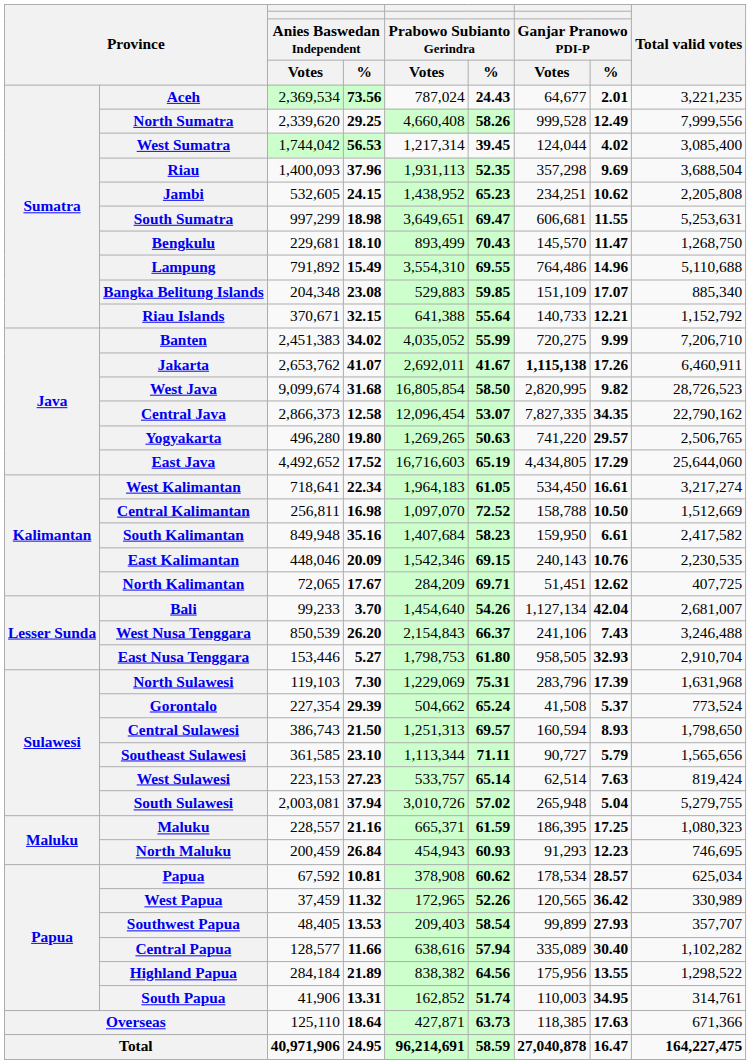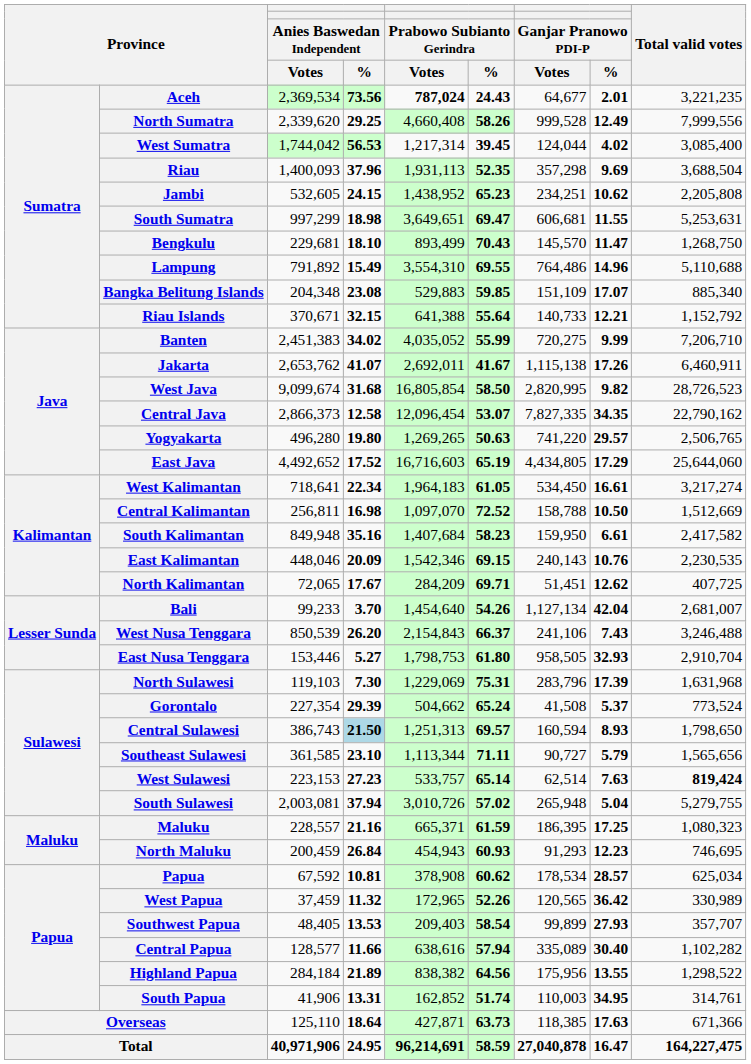 <table class="wikitable sortable">
 <tr>
 <th colspan="2" rowspan="4">Province</th>
 <th colspan="2"></th>
 <th colspan="2"></th>
 <th colspan="2"></th>
 <th rowspan="4">Total valid votes</th>
 </tr>
 <tr>
 <th colspan="2" style="background:"></th>
 <th colspan="2" style="background:"></th>
 <th colspan="2" style="background:"></th>
 </tr>
 <tr>
 <th colspan="2">Anies Baswedan<br><small>Independent</small></th>
 <th colspan="2">Prabowo Subianto<br><small>Gerindra</small></th>
 <th colspan="2">Ganjar Pranowo<br><small>PDI-P</small></th>
 </tr>
 <tr>
 <th>Votes</th>
 <th>%</th>
 <th>Votes</th>
 <th>%</th>
 <th>Votes</th>
 <th>%</th>
 </tr>
 <tr align="right">
 <th rowspan="10"><a href='#'>Sumatra</a></th>
 <th><a href='#'>Aceh</a></th>
 <td style="background:#cfc">2,369,534</td>
 <td style="background:#cfc"><strong>73.56</strong></td>
-<td>787,024</td>
+<td><strong>787,024</strong></td>
 <td><strong>24.43</strong></td>
 <td>64,677</td>
 <td><strong>2.01</strong></td>
 <td>3,221,235</td>
 </tr>
 <tr align="right">
 <th><a href='#'>North Sumatra</a></th>
 <td>2,339,620</td>
 <td><strong>29.25</strong></td>
 <td style="background:#cfc">4,660,408</td>
 <td style="background:#cfc"><strong>58.26</strong></td>
 <td>999,528</td>
 <td><strong>12.49</strong></td>
 <td>7,999,556</td>
 </tr>
 <tr align="right">
 <th><a href='#'>West Sumatra</a></th>
 <td style="background:#cfc">1,744,042</td>
 <td style="background:#cfc"><strong>56.53</strong></td>
 <td>1,217,314</td>
 <td><strong>39.45</strong></td>
 <td>124,044</td>
 <td><strong>4.02</strong></td>
 <td>3,085,400</td>
 </tr>
 <tr align="right">
 <th><a href='#'>Riau</a></th>
 <td>1,400,093</td>
 <td><strong>37.96</strong></td>
 <td style="background:#cfc">1,931,113</td>
 <td style="background:#cfc"><strong>52.35</strong></td>
 <td>357,298</td>
 <td><strong>9.69</strong></td>
 <td>3,688,504</td>
 </tr>
 <tr align="right">
 <th><a href='#'>Jambi</a></th>
 <td>532,605</td>
 <td><strong>24.15</strong></td>
 <td style="background:#cfc">1,438,952</td>
 <td style="background:#cfc"><strong>65.23</strong></td>
 <td>234,251</td>
 <td><strong>10.62</strong></td>
 <td>2,205,808</td>
 </tr>
 <tr align="right">
 <th><a href='#'>South Sumatra</a></th>
 <td>997,299</td>
 <td><strong>18.98</strong></td>
 <td style="background:#cfc">3,649,651</td>
 <td style="background:#cfc"><strong>69.47</strong></td>
 <td>606,681</td>
 <td><strong>11.55</strong></td>
 <td>5,253,631</td>
 </tr>
 <tr align="right">
 <th><a href='#'>Bengkulu</a></th>
 <td>229,681</td>
 <td><strong>18.10</strong></td>
 <td style="background:#cfc">893,499</td>
 <td style="background:#cfc"><strong>70.43</strong></td>
 <td>145,570</td>
 <td><strong>11.47</strong></td>
 <td>1,268,750</td>
 </tr>
 <tr align="right">
 <th><a href='#'>Lampung</a></th>
 <td>791,892</td>
 <td><strong>15.49</strong></td>
 <td style="background:#cfc">3,554,310</td>
 <td style="background:#cfc"><strong>69.55</strong></td>
 <td>764,486</td>
 <td><strong>14.96</strong></td>
 <td>5,110,688</td>
 </tr>
 <tr align="right">
 <th><a href='#'>Bangka Belitung Islands</a></th>
 <td>204,348</td>
 <td><strong>23.08</strong></td>
 <td style="background:#cfc">529,883</td>
 <td style="background:#cfc"><strong>59.85</strong></td>
 <td>151,109</td>
 <td><strong>17.07</strong></td>
 <td>885,340</td>
 </tr>
 <tr align="right">
 <th><a href='#'>Riau Islands</a></th>
 <td>370,671</td>
 <td><strong>32.15</strong></td>
 <td style="background:#cfc">641,388</td>
 <td style="background:#cfc"><strong>55.64</strong></td>
 <td>140,733</td>
 <td><strong>12.21</strong></td>
 <td>1,152,792</td>
 </tr>
 <tr align="right">
 <th rowspan="6"><a href='#'>Java</a></th>
 <th><a href='#'>Banten</a></th>
 <td>2,451,383</td>
 <td><strong>34.02</strong></td>
 <td style="background:#cfc">4,035,052</td>
 <td style="background:#cfc"><strong>55.99</strong></td>
 <td>720,275</td>
 <td><strong>9.99</strong></td>
 <td>7,206,710</td>
 </tr>
 <tr align="right">
 <th><a href='#'>Jakarta</a></th>
 <td>2,653,762</td>
 <td><strong>41.07</strong></td>
 <td style="background:#cfc">2,692,011</td>
 <td style="background:#cfc"><strong>41.67</strong></td>
-<td><strong>1,115,138</strong></td>
+<td>1,115,138</td>
 <td><strong>17.26</strong></td>
 <td>6,460,911</td>
 </tr>
 <tr align="right">
 <th><a href='#'>West Java</a></th>
 <td>9,099,674</td>
 <td><strong>31.68</strong></td>
 <td style="background:#cfc">16,805,854</td>
 <td style="background:#cfc"><strong>58.50</strong></td>
 <td>2,820,995</td>
 <td><strong>9.82</strong></td>
 <td>28,726,523</td>
 </tr>
 <tr align="right">
 <th><a href='#'>Central Java</a></th>
 <td>2,866,373</td>
 <td><strong>12.58</strong></td>
 <td style="background:#cfc">12,096,454</td>
 <td style="background:#cfc"><strong>53.07</strong></td>
 <td>7,827,335</td>
 <td><strong>34.35</strong></td>
 <td>22,790,162</td>
 </tr>
 <tr align="right">
 <th><a href='#'>Yogyakarta</a></th>
 <td>496,280</td>
 <td><strong>19.80</strong></td>
 <td style="background:#cfc">1,269,265</td>
 <td style="background:#cfc"><strong>50.63</strong></td>
 <td>741,220</td>
 <td><strong>29.57</strong></td>
 <td>2,506,765</td>
 </tr>
 <tr align="right">
 <th><a href='#'>East Java</a></th>
 <td>4,492,652</td>
 <td><strong>17.52</strong></td>
 <td style="background:#cfc">16,716,603</td>
 <td style="background:#cfc"><strong>65.19</strong></td>
 <td>4,434,805</td>
 <td><strong>17.29</strong></td>
 <td>25,644,060</td>
 </tr>
 <tr align="right">
 <th rowspan="5"><a href='#'>Kalimantan</a></th>
 <th><a href='#'>West Kalimantan</a></th>
 <td>718,641</td>
 <td><strong>22.34</strong></td>
 <td style="background:#cfc">1,964,183</td>
 <td style="background:#cfc"><strong>61.05</strong></td>
 <td>534,450</td>
 <td><strong>16.61</strong></td>
 <td>3,217,274</td>
 </tr>
 <tr align="right">
 <th><a href='#'>Central Kalimantan</a></th>
 <td>256,811</td>
 <td><strong>16.98</strong></td>
 <td style="background:#cfc">1,097,070</td>
 <td style="background:#cfc"><strong>72.52</strong></td>
 <td>158,788</td>
 <td><strong>10.50</strong></td>
 <td>1,512,669</td>
 </tr>
 <tr align="right">
 <th><a href='#'>South Kalimantan</a></th>
 <td>849,948</td>
 <td><strong>35.16</strong></td>
 <td style="background:#cfc">1,407,684</td>
 <td style="background:#cfc"><strong>58.23</strong></td>
 <td>159,950</td>
 <td><strong>6.61</strong></td>
 <td>2,417,582</td>
 </tr>
 <tr align="right">
 <th><a href='#'>East Kalimantan</a></th>
 <td>448,046</td>
 <td><strong>20.09</strong></td>
 <td style="background:#cfc">1,542,346</td>
 <td style="background:#cfc"><strong>69.15</strong></td>
 <td>240,143</td>
 <td><strong>10.76</strong></td>
 <td>2,230,535</td>
 </tr>
 <tr align="right">
 <th><a href='#'>North Kalimantan</a></th>
 <td>72,065</td>
 <td><strong>17.67</strong></td>
 <td style="background:#cfc">284,209</td>
 <td style="background:#cfc"><strong>69.71</strong></td>
 <td>51,451</td>
 <td><strong>12.62</strong></td>
 <td>407,725</td>
 </tr>
 <tr align="right">
 <th rowspan="3"><a href='#'>Lesser Sunda</a></th>
 <th><a href='#'>Bali</a></th>
 <td>99,233</td>
 <td><strong>3.70</strong></td>
 <td style="background:#cfc">1,454,640</td>
 <td style="background:#cfc"><strong>54.26</strong></td>
 <td>1,127,134</td>
 <td><strong>42.04</strong></td>
 <td>2,681,007</td>
 </tr>
 <tr align="right">
 <th><a href='#'>West Nusa Tenggara</a></th>
 <td>850,539</td>
 <td><strong>26.20</strong></td>
 <td style="background:#cfc">2,154,843</td>
 <td style="background:#cfc"><strong>66.37</strong></td>
 <td>241,106</td>
 <td><strong>7.43</strong></td>
 <td>3,246,488</td>
 </tr>
 <tr align="right">
 <th><a href='#'>East Nusa Tenggara</a></th>
 <td>153,446</td>
 <td><strong>5.27</strong></td>
 <td style="background:#cfc">1,798,753</td>
 <td style="background:#cfc"><strong>61.80</strong></td>
 <td>958,505</td>
 <td><strong>32.93</strong></td>
 <td>2,910,704</td>
 </tr>
 <tr align="right">
 <th rowspan="6"><a href='#'>Sulawesi</a></th>
 <th><a href='#'>North Sulawesi</a></th>
 <td>119,103</td>
 <td><strong>7.30</strong></td>
 <td style="background:#cfc">1,229,069</td>
 <td style="background:#cfc"><strong>75.31</strong></td>
 <td>283,796</td>
 <td><strong>17.39</strong></td>
 <td>1,631,968</td>
 </tr>
 <tr align="right">
 <th><a href='#'>Gorontalo</a></th>
 <td>227,354</td>
 <td><strong>29.39</strong></td>
 <td style="background:#cfc">504,662</td>
 <td style="background:#cfc"><strong>65.24</strong></td>
 <td>41,508</td>
 <td><strong>5.37</strong></td>
 <td>773,524</td>
 </tr>
 <tr align="right">
 <th><a href='#'>Central Sulawesi</a></th>
 <td>386,743</td>
-<td><strong>21.50</strong></td>
+<td style="background: lightblue;"><strong>21.50</strong></td>
 <td style="background:#cfc">1,251,313</td>
 <td style="background:#cfc"><strong>69.57</strong></td>
 <td>160,594</td>
 <td><strong>8.93</strong></td>
 <td>1,798,650</td>
 </tr>
 <tr align="right">
 <th><a href='#'>Southeast Sulawesi</a></th>
 <td>361,585</td>
 <td><strong>23.10</strong></td>
 <td style="background:#cfc">1,113,344</td>
 <td style="background:#cfc"><strong>71.11</strong></td>
 <td>90,727</td>
 <td><strong>5.79</strong></td>
 <td>1,565,656</td>
 </tr>
 <tr align="right">
 <th><a href='#'>West Sulawesi</a></th>
 <td>223,153</td>
 <td><strong>27.23</strong></td>
 <td style="background:#cfc">533,757</td>
 <td style="background:#cfc"><strong>65.14</strong></td>
 <td>62,514</td>
 <td><strong>7.63</strong></td>
-<td>819,424</td>
+<td><strong>819,424</strong></td>
 </tr>
 <tr align="right">
 <th><a href='#'>South Sulawesi</a></th>
 <td>2,003,081</td>
 <td><strong>37.94</strong></td>
 <td style="background:#cfc">3,010,726</td>
 <td style="background:#cfc"><strong>57.02</strong></td>
 <td>265,948</td>
 <td><strong>5.04</strong></td>
 <td>5,279,755</td>
 </tr>
 <tr align="right">
 <th rowspan="2"><a href='#'>Maluku</a></th>
 <th><a href='#'>Maluku</a></th>
 <td>228,557</td>
 <td><strong>21.16</strong></td>
 <td style="background:#cfc">665,371</td>
 <td style="background:#cfc"><strong>61.59</strong></td>
 <td>186,395</td>
 <td><strong>17.25</strong></td>
 <td>1,080,323</td>
 </tr>
 <tr align="right">
 <th><a href='#'>North Maluku</a></th>
 <td>200,459</td>
 <td><strong>26.84</strong></td>
 <td style="background:#cfc">454,943</td>
 <td style="background:#cfc"><strong>60.93</strong></td>
 <td>91,293</td>
 <td><strong>12.23</strong></td>
 <td>746,695</td>
 </tr>
 <tr align="right">
 <th rowspan="6"><a href='#'>Papua</a></th>
 <th><a href='#'>Papua</a></th>
 <td>67,592</td>
 <td><strong>10.81</strong></td>
 <td style="background:#cfc">378,908</td>
 <td style="background:#cfc"><strong>60.62</strong></td>
 <td>178,534</td>
 <td><strong>28.57</strong></td>
 <td>625,034</td>
 </tr>
 <tr align="right">
 <th><a href='#'>West Papua</a></th>
 <td>37,459</td>
 <td><strong>11.32</strong></td>
 <td style="background:#cfc">172,965</td>
 <td style="background:#cfc"><strong>52.26</strong></td>
 <td>120,565</td>
 <td><strong>36.42</strong></td>
 <td>330,989</td>
 </tr>
 <tr align="right">
 <th><a href='#'>Southwest Papua</a></th>
 <td>48,405</td>
 <td><strong>13.53</strong></td>
 <td style="background:#cfc">209,403</td>
 <td style="background:#cfc"><strong>58.54</strong></td>
 <td>99,899</td>
 <td><strong>27.93</strong></td>
 <td>357,707</td>
 </tr>
 <tr align="right">
 <th><a href='#'>Central Papua</a></th>
 <td>128,577</td>
 <td><strong>11.66</strong></td>
 <td style="background:#cfc">638,616</td>
 <td style="background:#cfc"><strong>57.94</strong></td>
 <td>335,089</td>
 <td><strong>30.40</strong></td>
 <td>1,102,282</td>
 </tr>
 <tr align="right">
 <th><a href='#'>Highland Papua</a></th>
 <td>284,184</td>
 <td><strong>21.89</strong></td>
 <td style="background:#cfc">838,382</td>
 <td style="background:#cfc"><strong>64.56</strong></td>
 <td>175,956</td>
 <td><strong>13.55</strong></td>
 <td>1,298,522</td>
 </tr>
 <tr align="right">
 <th><a href='#'>South Papua</a></th>
 <td>41,906</td>
 <td><strong>13.31</strong></td>
 <td style="background:#cfc">162,852</td>
 <td style="background:#cfc"><strong>51.74</strong></td>
 <td>110,003</td>
 <td><strong>34.95</strong></td>
 <td>314,761</td>
 </tr>
 <tr align="right">
 <th colspan="2"><a href='#'>Overseas</a></th>
 <td>125,110</td>
 <td><strong>18.64</strong></td>
 <td style="background:#cfc">427,871</td>
 <td style="background:#cfc"><strong>63.73</strong></td>
 <td>118,385</td>
 <td><strong>17.63</strong></td>
 <td>671,366</td>
 </tr>
 <tr align="right">
 <th colspan="2">Total</th>
 <td><strong>40,971,906</strong></td>
 <td><strong>24.95</strong></td>
 <td style="background:#cfc"><strong>96,214,691</strong></td>
 <td style="background:#cfc"><strong>58.59</strong></td>
 <td><strong>27,040,878</strong></td>
 <td><strong>16.47</strong></td>
 <td><strong>164,227,475</strong></td>
 </tr>
 </table>
